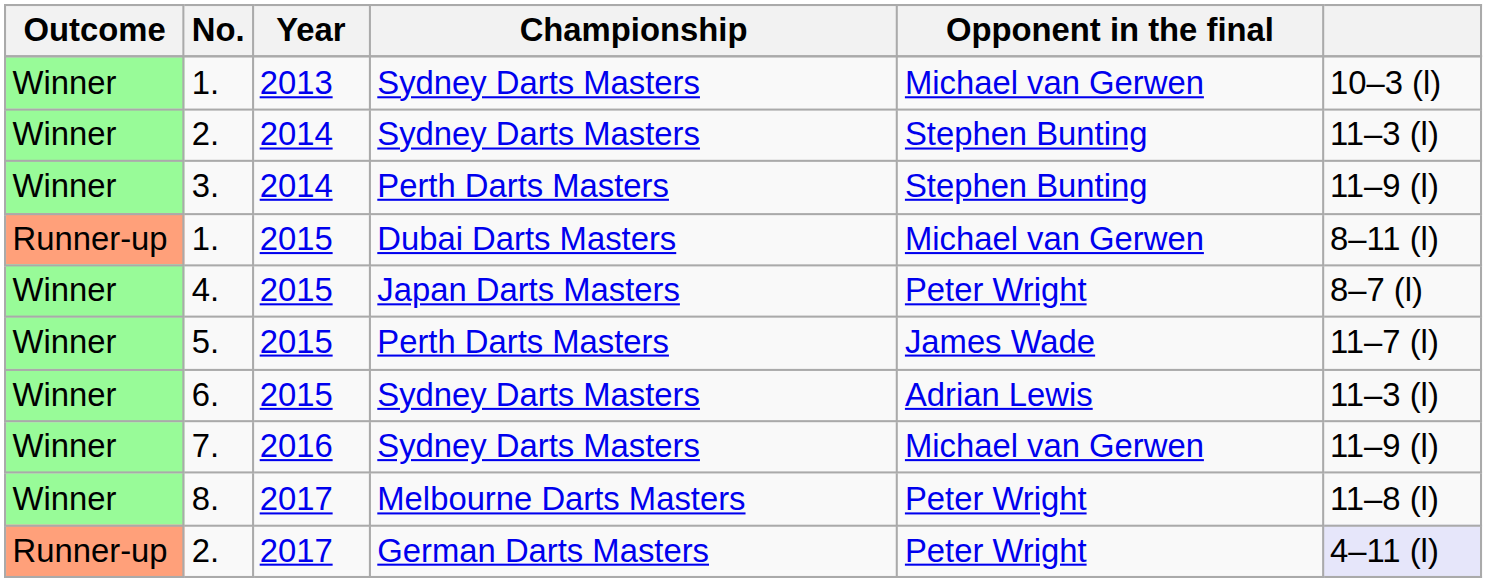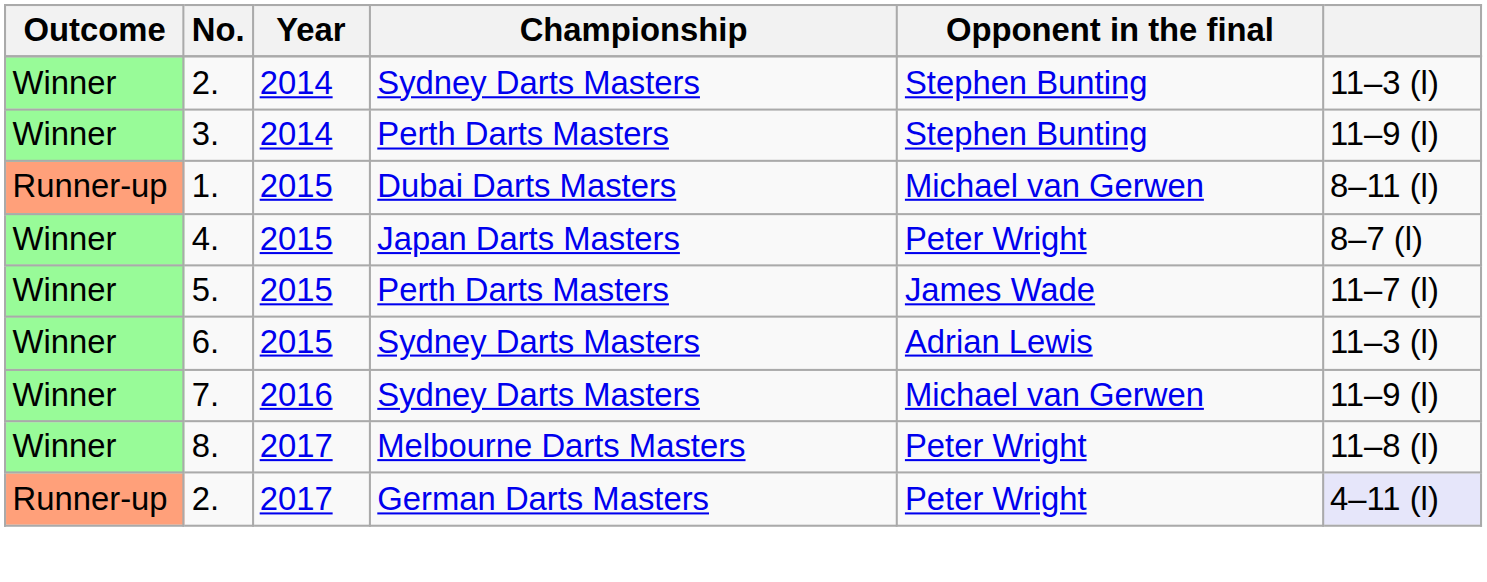 <table class="sortable wikitable">
 <tr>
 <th style="width:80px;">Outcome</th>
 <th style="width:20px;">No.</th>
 <th style="width:50px;">Year</th>
 <th style="width:250px;">Championship</th>
 <th style="width:200px;">Opponent in the final</th>
 <th style="width:70px;"></th>
 </tr>
 <tr>
-</tr>
-<tr>
-<td style="background:#98FB98">Winner</td>
-<td>1.</td>
-<td><a href='#'>2013</a></td>
-<td><a href='#'>Sydney Darts Masters</a></td>
-<td> <a href='#'>Michael van Gerwen</a></td>
-<td>10–3 (l)</td>
 </tr>
 <tr>
 <td style="background:#98FB98">Winner</td>
 <td>2.</td>
 <td><a href='#'>2014</a></td>
 <td><a href='#'>Sydney Darts Masters</a></td>
 <td> <a href='#'>Stephen Bunting</a></td>
 <td>11–3 (l)</td>
 </tr>
 <tr>
 <td style="background:#98FB98">Winner</td>
 <td>3.</td>
 <td><a href='#'>2014</a></td>
 <td><a href='#'>Perth Darts Masters</a></td>
 <td> <a href='#'>Stephen Bunting</a></td>
 <td>11–9 (l)</td>
 </tr>
 <tr>
 <td style="background:#ffa07a">Runner-up</td>
 <td>1.</td>
 <td><a href='#'>2015</a></td>
 <td><a href='#'>Dubai Darts Masters</a></td>
 <td> <a href='#'>Michael van Gerwen</a></td>
 <td>8–11 (l)</td>
 </tr>
 <tr>
 <td style="background:#98FB98">Winner</td>
 <td>4.</td>
 <td><a href='#'>2015</a></td>
 <td><a href='#'>Japan Darts Masters</a></td>
 <td> <a href='#'>Peter Wright</a></td>
 <td>8–7 (l)</td>
 </tr>
 <tr>
 <td style="background:#98FB98">Winner</td>
 <td>5.</td>
 <td><a href='#'>2015</a></td>
 <td><a href='#'>Perth Darts Masters</a></td>
 <td> <a href='#'>James Wade</a></td>
 <td>11–7 (l)</td>
 </tr>
 <tr>
 <td style="background:#98FB98">Winner</td>
 <td>6.</td>
 <td><a href='#'>2015</a></td>
 <td><a href='#'>Sydney Darts Masters</a></td>
 <td> <a href='#'>Adrian Lewis</a></td>
 <td>11–3 (l)</td>
 </tr>
 <tr>
 <td style="background:#98FB98">Winner</td>
 <td>7.</td>
 <td><a href='#'>2016</a></td>
 <td><a href='#'>Sydney Darts Masters</a></td>
 <td> <a href='#'>Michael van Gerwen</a></td>
 <td>11–9 (l)</td>
 </tr>
 <tr>
 <td style="background:#98FB98">Winner</td>
 <td>8.</td>
 <td><a href='#'>2017</a></td>
 <td><a href='#'>Melbourne Darts Masters</a></td>
 <td> <a href='#'>Peter Wright</a></td>
 <td>11–8 (l)</td>
 </tr>
 <tr>
 <td style="background:#ffa07a">Runner-up</td>
 <td>2.</td>
 <td><a href='#'>2017</a></td>
 <td><a href='#'>German Darts Masters</a></td>
 <td> <a href='#'>Peter Wright</a></td>
 <td style="background: lavender;">4–11 (l)</td>
 </tr>
 </table>
